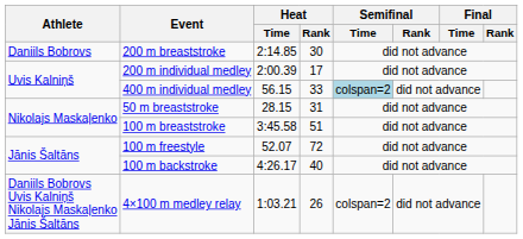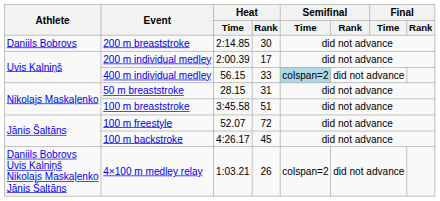 <table class=wikitable style="font-size:90%">
 <tr>
 <th rowspan="2">Athlete</th>
 <th rowspan="2">Event</th>
 <th colspan="2">Heat</th>
 <th colspan="2">Semifinal</th>
 <th colspan="2">Final</th>
 </tr>
 <tr style="font-size:95%">
 <th>Time</th>
 <th>Rank</th>
 <th>Time</th>
 <th>Rank</th>
 <th>Time</th>
 <th>Rank</th>
 </tr>
 <tr align=center>
 <td align=left><a href='#'>Daniils Bobrovs</a></td>
 <td align=left><a href='#'>200 m breaststroke</a></td>
 <td>2:14.85</td>
 <td>30</td>
 <td colspan=4>did not advance</td>
 </tr>
 <tr align=center>
 <td align=left rowspan=2><a href='#'>Uvis Kalniņš</a></td>
 <td align=left><a href='#'>200 m individual medley</a></td>
 <td>2:00.39</td>
 <td>17</td>
 <td colspan=4>did not advance</td>
 </tr>
 <tr align=center>
 <td align=left><a href='#'>400 m individual medley</a></td>
 <td>56.15</td>
 <td>33</td>
 <td style="background: lightblue;">colspan=2 </td>
 <td colspan=2>did not advance</td>
 </tr>
 <tr align=center>
 <td align=left rowspan=2><a href='#'>Nikolajs Maskaļenko</a></td>
 <td align=left><a href='#'>50 m breaststroke</a></td>
 <td>28.15</td>
 <td>31</td>
 <td colspan=4>did not advance</td>
 </tr>
 <tr align=center>
 <td align=left><a href='#'>100 m breaststroke</a></td>
 <td>3:45.58</td>
 <td>51</td>
 <td colspan=4>did not advance</td>
 </tr>
 <tr align=center>
 <td align=left rowspan=2><a href='#'>Jānis Šaltāns</a></td>
 <td align=left><a href='#'>100 m freestyle</a></td>
 <td>52.07</td>
 <td>72</td>
 <td colspan=4>did not advance</td>
 </tr>
 <tr align=center>
 <td align=left><a href='#'>100 m backstroke</a></td>
 <td>4:26.17</td>
-<td>40</td>
+<td>45</td>
 <td colspan=4>did not advance</td>
 </tr>
 <tr align=center>
 <td align=left><a href='#'>Daniils Bobrovs</a><br><a href='#'>Uvis Kalniņš</a><br><a href='#'>Nikolajs Maskaļenko</a><br><a href='#'>Jānis Šaltāns</a></td>
 <td align=left><a href='#'>4×100 m medley relay</a></td>
 <td>1:03.21</td>
 <td>26</td>
 <td>colspan=2 </td>
 <td colspan=2>did not advance</td>
 </tr>
 </table>
